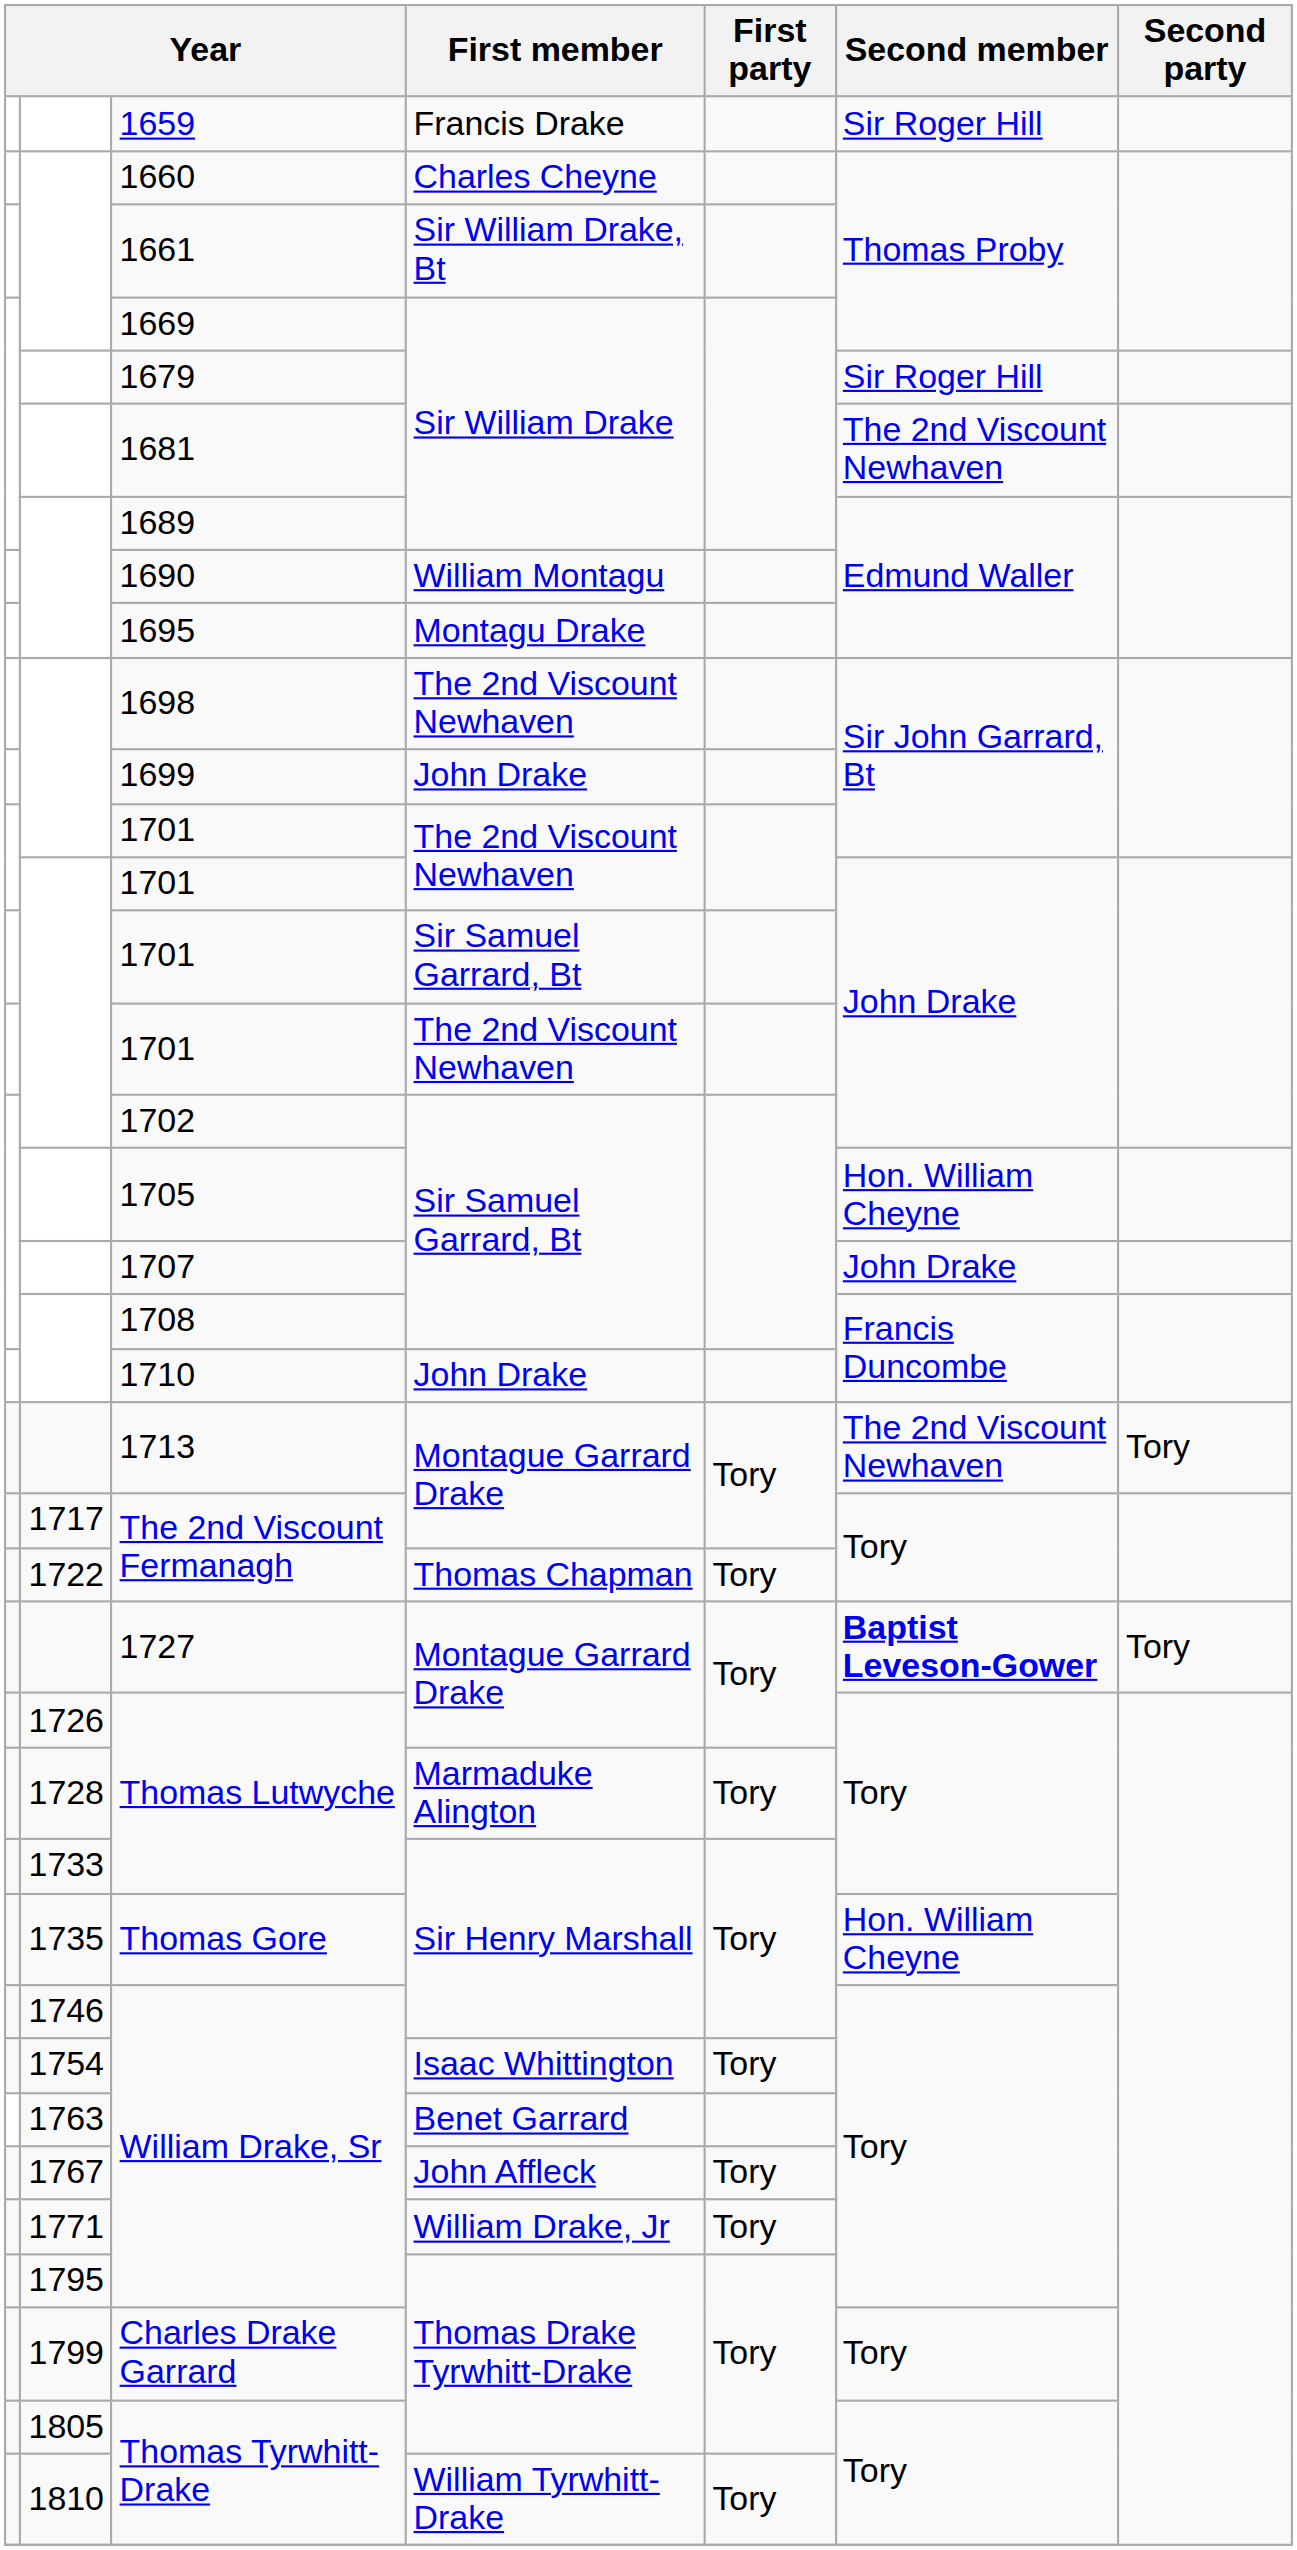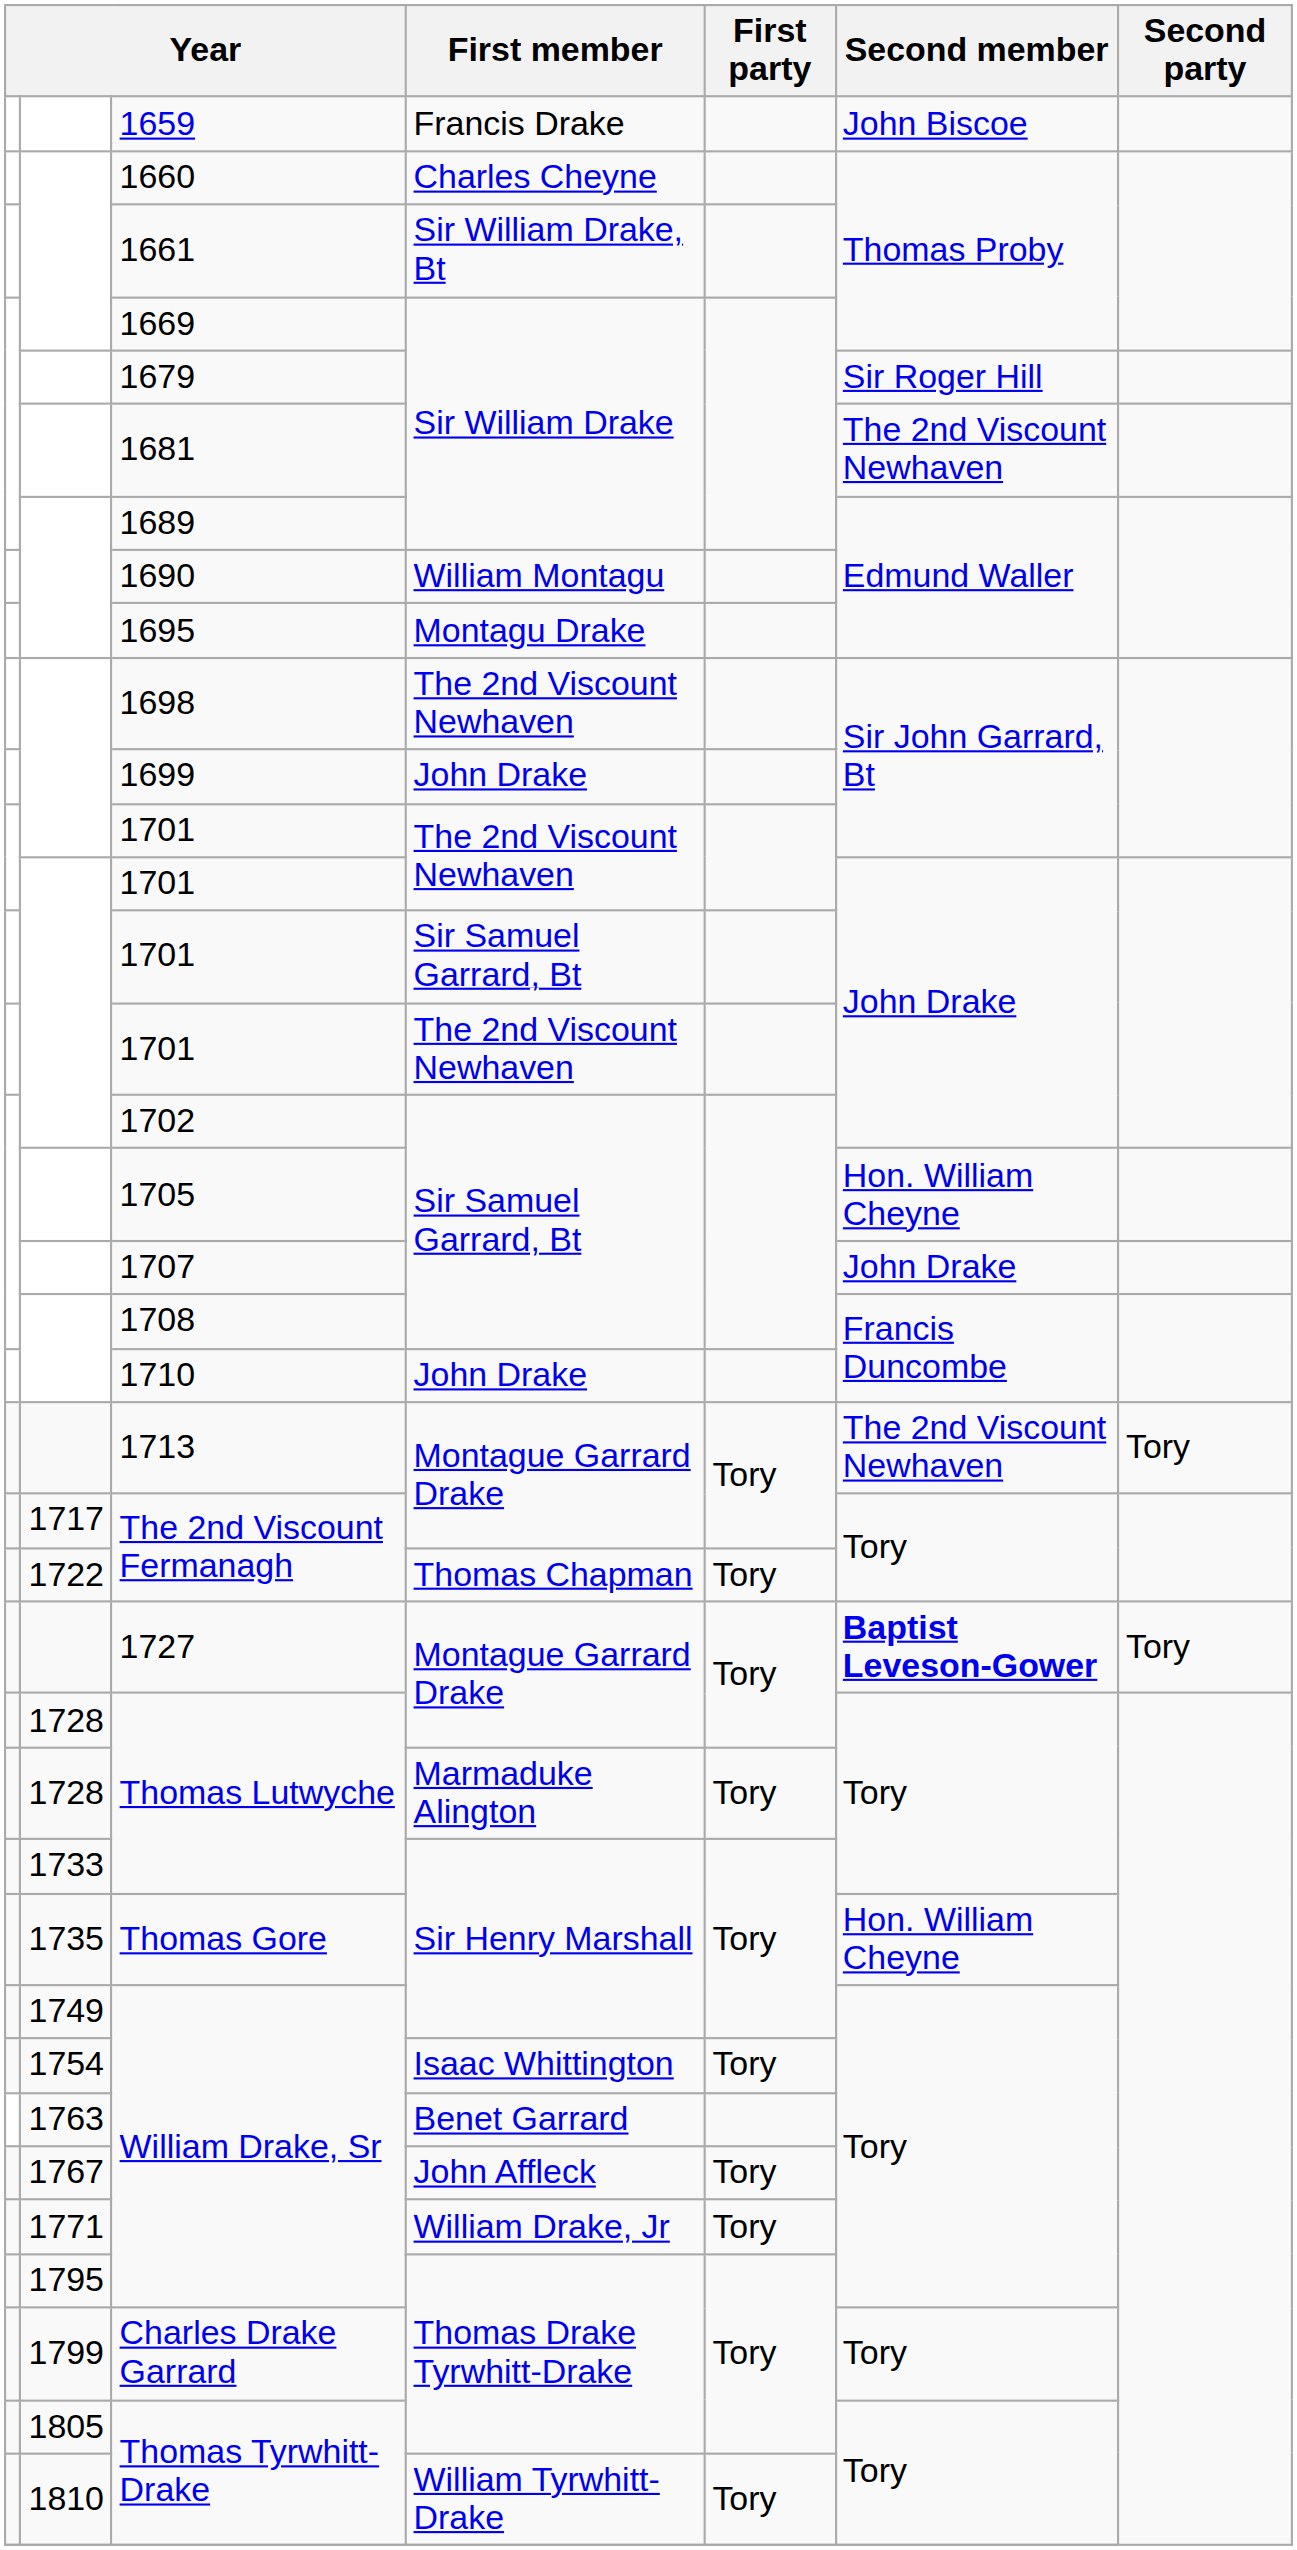 <table class="wikitable">
 <tr>
 <th colspan="3">Year</th>
 <th>First member</th>
 <th>First party</th>
 <th>Second member</th>
 <th>Second party</th>
 </tr>
 <tr>
 <td style="color:inherit;background-color: white"></td>
 <td style="color:inherit;background-color: white"></td>
 <td><a href='#'>1659</a></td>
 <td>Francis Drake </td>
 <td></td>
-<td><a href='#'>Sir Roger Hill</a></td>
+<td><a href='#'>John Biscoe</a></td>
 <td></td>
 </tr>
 <tr>
 <td style="color:inherit;background-color: white"></td>
 <td style="color:inherit;background-color: white" rowspan="3"></td>
 <td>1660</td>
 <td><a href='#'>Charles Cheyne</a></td>
 <td></td>
 <td rowspan="3"><a href='#'>Thomas Proby</a></td>
 <td rowspan="3"></td>
 </tr>
 <tr>
 <td style="color:inherit;background-color: white"></td>
 <td>1661</td>
 <td><a href='#'>Sir William Drake, Bt</a></td>
 <td></td>
 </tr>
 <tr>
 <td style="color:inherit;background-color: white" rowspan="4"></td>
 <td>1669</td>
 <td rowspan="4"><a href='#'>Sir William Drake</a></td>
 <td rowspan="4"></td>
 </tr>
 <tr>
 <td style="color:inherit;background-color: white"></td>
 <td>1679</td>
 <td><a href='#'>Sir Roger Hill</a></td>
 <td></td>
 </tr>
 <tr>
 <td style="color:inherit;background-color: white"></td>
 <td>1681</td>
 <td><a href='#'>The 2nd Viscount Newhaven</a></td>
 <td></td>
 </tr>
 <tr>
 <td style="color:inherit;background-color: white" rowspan="3"></td>
 <td>1689</td>
 <td rowspan="3"><a href='#'>Edmund Waller</a></td>
 <td rowspan="3"></td>
 </tr>
 <tr>
 <td style="color:inherit;background-color: white"></td>
 <td>1690</td>
 <td><a href='#'>William Montagu</a></td>
 <td></td>
 </tr>
 <tr>
 <td style="color:inherit;background-color: white"></td>
 <td>1695</td>
 <td><a href='#'>Montagu Drake</a></td>
 <td></td>
 </tr>
 <tr>
 <td style="color:inherit;background-color: white"></td>
 <td style="color:inherit;background-color: white" rowspan="3"></td>
 <td>1698</td>
 <td><a href='#'>The 2nd Viscount Newhaven</a></td>
 <td></td>
 <td rowspan="3"><a href='#'>Sir John Garrard, Bt</a></td>
 <td rowspan="3"></td>
 </tr>
 <tr>
 <td style="color:inherit;background-color: white"></td>
 <td>1699</td>
 <td><a href='#'>John Drake</a></td>
 <td></td>
 </tr>
 <tr>
 <td style="color:inherit;background-color: white" rowspan="2"></td>
 <td>1701</td>
 <td rowspan="2"><a href='#'>The 2nd Viscount Newhaven</a></td>
 <td rowspan="2"></td>
 </tr>
 <tr>
 <td style="color:inherit;background-color: white" rowspan="4"></td>
 <td>1701</td>
 <td rowspan="4"><a href='#'>John Drake</a></td>
 <td rowspan="4"></td>
 </tr>
 <tr>
 <td style="color:inherit;background-color: white"></td>
 <td>1701</td>
 <td><a href='#'>Sir Samuel Garrard, Bt</a></td>
 <td></td>
 </tr>
 <tr>
 <td style="color:inherit;background-color: white"></td>
 <td>1701</td>
 <td><a href='#'>The 2nd Viscount Newhaven</a></td>
 <td></td>
 </tr>
 <tr>
 <td style="color:inherit;background-color: white" rowspan="4"></td>
 <td>1702</td>
 <td rowspan="4"><a href='#'>Sir Samuel Garrard, Bt</a></td>
 <td rowspan="4"></td>
 </tr>
 <tr>
 <td style="color:inherit;background-color: white"></td>
 <td>1705</td>
 <td><a href='#'>Hon. William Cheyne</a></td>
 <td></td>
 </tr>
 <tr>
 <td style="color:inherit;background-color: white"></td>
 <td>1707</td>
 <td><a href='#'>John Drake</a></td>
 <td></td>
 </tr>
 <tr>
 <td style="color:inherit;background-color: white" rowspan="2"></td>
 <td>1708</td>
 <td rowspan="2"><a href='#'>Francis Duncombe</a></td>
 <td rowspan="2"></td>
 </tr>
 <tr>
 <td style="color:inherit;background-color: white"></td>
 <td>1710</td>
 <td><a href='#'>John Drake</a></td>
 <td></td>
 </tr>
 <tr>
 <td style="color:inherit;background-color: "></td>
 <td style="color:inherit;background-color: "></td>
 <td>1713</td>
 <td rowspan="2"><a href='#'>Montague Garrard Drake</a></td>
 <td rowspan="2">Tory</td>
 <td><a href='#'>The 2nd Viscount Newhaven</a></td>
 <td>Tory</td>
 </tr>
 <tr>
 <td style="color:inherit;background-color: "></td>
 <td>1717</td>
 <td rowspan="2"><a href='#'>The 2nd Viscount Fermanagh</a></td>
 <td rowspan="2">Tory</td>
 </tr>
 <tr>
 <td style="color:inherit;background-color: "></td>
 <td>1722</td>
 <td><a href='#'>Thomas Chapman</a></td>
 <td>Tory</td>
 </tr>
 <tr>
 <td style="color:inherit;background-color: "></td>
 <td style="color:inherit;background-color: "></td>
 <td>1727</td>
 <td rowspan="2"><a href='#'>Montague Garrard Drake</a></td>
 <td rowspan="2">Tory</td>
 <td><strong><a href='#'>Baptist Leveson-Gower</a></strong></td>
 <td>Tory</td>
 </tr>
 <tr>
 <td style="color:inherit;background-color: "></td>
-<td>1726</td>
+<td>1728</td>
 <td rowspan="3"><a href='#'>Thomas Lutwyche</a></td>
 <td rowspan="3">Tory</td>
 </tr>
 <tr>
 <td style="color:inherit;background-color: "></td>
 <td>1728</td>
 <td><a href='#'>Marmaduke Alington</a></td>
 <td>Tory</td>
 </tr>
 <tr>
 <td style="color:inherit;background-color: "></td>
 <td>1733</td>
 <td rowspan="3"><a href='#'>Sir Henry Marshall</a></td>
 <td rowspan="3">Tory</td>
 </tr>
 <tr>
 <td style="color:inherit;background-color: "></td>
 <td>1735</td>
 <td><a href='#'>Thomas Gore</a></td>
 <td><a href='#'>Hon. William Cheyne</a></td>
 </tr>
 <tr>
 <td style="color:inherit;background-color: "></td>
-<td>1746</td>
+<td>1749</td>
 <td rowspan="6"><a href='#'>William Drake, Sr</a></td>
 <td rowspan="6">Tory</td>
 </tr>
 <tr>
 <td style="color:inherit;background-color: "></td>
 <td>1754</td>
 <td><a href='#'>Isaac Whittington</a></td>
 <td>Tory</td>
 </tr>
 <tr>
 <td style="color:inherit;background-color: white"></td>
 <td>1763</td>
 <td><a href='#'>Benet Garrard</a></td>
 <td></td>
 </tr>
 <tr>
 <td style="color:inherit;background-color: "></td>
 <td>1767</td>
 <td><a href='#'>John Affleck</a></td>
 <td>Tory</td>
 </tr>
 <tr>
 <td style="color:inherit;background-color: "></td>
 <td>1771</td>
 <td><a href='#'>William Drake, Jr</a></td>
 <td>Tory</td>
 </tr>
 <tr>
 <td style="color:inherit;background-color: "></td>
 <td>1795</td>
 <td rowspan="3"><a href='#'>Thomas Drake Tyrwhitt-Drake</a></td>
 <td rowspan="3">Tory</td>
 </tr>
 <tr>
 <td style="color:inherit;background-color: "></td>
 <td>1799</td>
 <td><a href='#'>Charles Drake Garrard</a></td>
 <td>Tory</td>
 </tr>
 <tr>
 <td style="color:inherit;background-color: "></td>
 <td>1805</td>
 <td rowspan="2"><a href='#'>Thomas Tyrwhitt-Drake</a></td>
 <td rowspan="2">Tory</td>
 </tr>
 <tr>
 <td style="color:inherit;background-color: "></td>
 <td>1810</td>
 <td><a href='#'>William Tyrwhitt-Drake</a></td>
 <td>Tory</td>
 </tr>
 <tr>
 </tr>
 </table>
